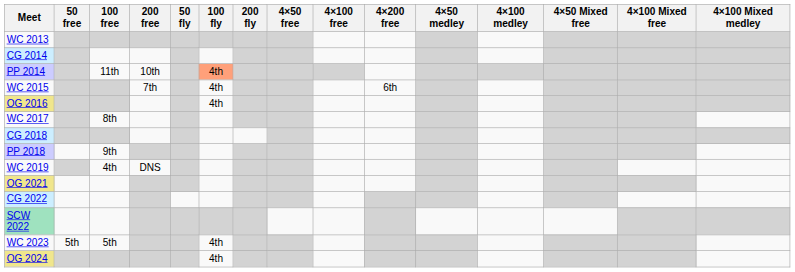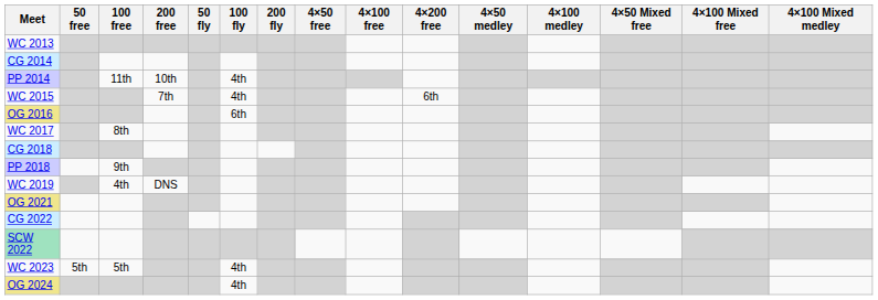 <table class="sortable wikitable">
 <tr>
 <th>Meet</th>
 <th class="unsortable">50 free</th>
 <th class="unsortable">100 free</th>
 <th class="unsortable">200 free</th>
 <th class="unsortable">50 fly</th>
 <th class="unsortable">100 fly</th>
 <th class="unsortable">200 fly</th>
 <th class="unsortable">4×50 free</th>
 <th class="unsortable">4×100 free</th>
 <th class="unsortable">4×200 free</th>
 <th class="unsortable">4×50 medley</th>
 <th class="unsortable">4×100 medley</th>
 <th class="unsortable">4×50 Mixed free</th>
 <th class="unsortable">4×100 Mixed free</th>
 <th class="unsortable">4×100 Mixed medley</th>
 </tr>
 <tr>
 <td><a href='#'>WC 2013</a></td>
 <td style="background:#d3d3d3"></td>
 <td style="background:#d3d3d3"></td>
 <td style="background:#d3d3d3"></td>
 <td style="background:#d3d3d3"></td>
 <td style="background:#d3d3d3"></td>
 <td style="background:#d3d3d3"></td>
 <td style="background:#d3d3d3"></td>
 <td align="center"></td>
 <td align="center"></td>
 <td style="background:#d3d3d3"></td>
 <td align="center"></td>
 <td style="background:#d3d3d3"></td>
 <td style="background:#d3d3d3"></td>
 <td style="background:#d3d3d3"></td>
 </tr>
 <tr>
 <td style="background:#cceeff"><a href='#'>CG 2014</a></td>
 <td style="background:#d3d3d3"></td>
 <td align="center"></td>
 <td align="center"></td>
 <td style="background:#d3d3d3"></td>
 <td align="center"></td>
 <td style="background:#d3d3d3"></td>
 <td style="background:#d3d3d3"></td>
 <td align="center"></td>
 <td align="center"></td>
 <td style="background:#d3d3d3"></td>
 <td align="center"></td>
 <td style="background:#d3d3d3"></td>
 <td style="background:#d3d3d3"></td>
 <td style="background:#d3d3d3"></td>
 </tr>
 <tr>
 <td style="background:#ccccff"><a href='#'>PP 2014</a></td>
 <td style="background:#d3d3d3"></td>
 <td align="center">11th</td>
 <td align="center">10th</td>
 <td style="background:#d3d3d3"></td>
-<td align="center" style="background: lightsalmon;">4th</td>
+<td align="center">4th</td>
 <td style="background:#d3d3d3"></td>
 <td style="background:#d3d3d3"></td>
 <td style="background:#d3d3d3"></td>
 <td align="center"></td>
 <td style="background:#d3d3d3"></td>
 <td style="background:#d3d3d3"></td>
 <td style="background:#d3d3d3"></td>
 <td style="background:#d3d3d3"></td>
 <td style="background:#d3d3d3"></td>
 </tr>
 <tr>
 <td><a href='#'>WC 2015</a></td>
 <td style="background:#d3d3d3"></td>
 <td style="background:#d3d3d3"></td>
 <td align="center">7th</td>
 <td style="background:#d3d3d3"></td>
 <td align="center">4th</td>
 <td style="background:#d3d3d3"></td>
 <td style="background:#d3d3d3"></td>
 <td align="center"></td>
 <td align="center">6th</td>
 <td style="background:#d3d3d3"></td>
 <td align="center"></td>
 <td style="background:#d3d3d3"></td>
 <td style="background:#d3d3d3"></td>
 <td style="background:#d3d3d3"></td>
 </tr>
 <tr>
 <td style="background:#f0e68c"><a href='#'>OG 2016</a></td>
 <td style="background:#d3d3d3"></td>
 <td style="background:#d3d3d3"></td>
 <td align="center"></td>
 <td style="background:#d3d3d3"></td>
-<td align="center">4th</td>
+<td align="center">6th</td>
 <td style="background:#d3d3d3"></td>
 <td style="background:#d3d3d3"></td>
 <td align="center"></td>
 <td align="center"></td>
 <td style="background:#d3d3d3"></td>
 <td align="center"></td>
 <td style="background:#d3d3d3"></td>
 <td style="background:#d3d3d3"></td>
 <td style="background:#d3d3d3"></td>
 </tr>
 <tr>
 <td><a href='#'>WC 2017</a></td>
 <td style="background:#d3d3d3"></td>
 <td align="center">8th</td>
 <td align="center"></td>
 <td style="background:#d3d3d3"></td>
 <td align="center"></td>
 <td style="background:#d3d3d3"></td>
 <td style="background:#d3d3d3"></td>
 <td align="center"></td>
 <td align="center"></td>
 <td style="background:#d3d3d3"></td>
 <td align="center"></td>
 <td style="background:#d3d3d3"></td>
 <td style="background:#d3d3d3"></td>
 <td align="center"></td>
 </tr>
 <tr>
 <td style="background:#cceeff"><a href='#'>CG 2018</a></td>
 <td style="background:#d3d3d3"></td>
 <td style="background:#d3d3d3"></td>
 <td align="center"></td>
 <td style="background:#d3d3d3"></td>
 <td align="center"></td>
 <td align="center"></td>
 <td style="background:#d3d3d3"></td>
 <td align="center"></td>
 <td align="center"></td>
 <td style="background:#d3d3d3"></td>
 <td align="center"></td>
 <td style="background:#d3d3d3"></td>
 <td style="background:#d3d3d3"></td>
 <td style="background:#d3d3d3"></td>
 </tr>
 <tr>
 <td style="background:#ccccff"><a href='#'>PP 2018</a></td>
 <td align="center"></td>
 <td align="center">9th</td>
 <td style="background:#d3d3d3"></td>
 <td style="background:#d3d3d3"></td>
 <td align="center"></td>
 <td style="background:#d3d3d3"></td>
 <td style="background:#d3d3d3"></td>
 <td align="center"></td>
 <td align="center"></td>
 <td style="background:#d3d3d3"></td>
 <td align="center"></td>
 <td style="background:#d3d3d3"></td>
 <td style="background:#d3d3d3"></td>
 <td align="center"></td>
 </tr>
 <tr>
 <td><a href='#'>WC 2019</a></td>
 <td style="background:#d3d3d3"></td>
 <td align="center">4th</td>
 <td align="center">DNS</td>
 <td style="background:#d3d3d3"></td>
 <td align="center"></td>
 <td style="background:#d3d3d3"></td>
 <td style="background:#d3d3d3"></td>
 <td align="center"></td>
 <td align="center"></td>
 <td style="background:#d3d3d3"></td>
 <td align="center"></td>
 <td style="background:#d3d3d3"></td>
 <td align="center"></td>
 <td align="center"></td>
 </tr>
 <tr>
 <td style="background:#f0e68c"><a href='#'>OG 2021</a></td>
 <td align="center"></td>
 <td align="center"></td>
 <td style="background:#d3d3d3"></td>
 <td style="background:#d3d3d3"></td>
 <td align="center"></td>
 <td style="background:#d3d3d3"></td>
 <td style="background:#d3d3d3"></td>
 <td align="center"></td>
 <td align="center"></td>
 <td style="background:#d3d3d3"></td>
 <td align="center"></td>
 <td style="background:#d3d3d3"></td>
 <td style="background:#d3d3d3"></td>
 <td align="center"></td>
 </tr>
 <tr>
 <td style="background:#cceeff"><a href='#'>CG 2022</a></td>
 <td align="center"></td>
 <td align="center"></td>
 <td style="background:#d3d3d3"></td>
 <td align="center"></td>
 <td align="center"></td>
 <td style="background:#d3d3d3"></td>
 <td style="background:#d3d3d3"></td>
 <td align="center"></td>
 <td style="background:#d3d3d3"></td>
 <td style="background:#d3d3d3"></td>
 <td align="center"></td>
 <td style="background:#d3d3d3"></td>
 <td align="center"></td>
 <td align="center"></td>
 </tr>
 <tr>
 <td style="background:#9fe2bf"><a href='#'>SCW 2022</a></td>
 <td align="center"></td>
 <td align="center"></td>
 <td style="background:#d3d3d3"></td>
 <td style="background:#d3d3d3"></td>
 <td style="background:#d3d3d3"></td>
 <td style="background:#d3d3d3"></td>
 <td align="center"></td>
 <td align="center"></td>
 <td style="background:#d3d3d3"></td>
 <td align="center"></td>
 <td align="center"></td>
 <td align="center"></td>
 <td style="background:#d3d3d3"></td>
 <td style="background:#d3d3d3"></td>
 </tr>
 <tr>
 <td><a href='#'>WC 2023</a></td>
 <td align="center">5th</td>
 <td align="center">5th</td>
 <td style="background:#d3d3d3"></td>
 <td style="background:#d3d3d3"></td>
 <td align="center">4th</td>
 <td style="background:#d3d3d3"></td>
 <td style="background:#d3d3d3"></td>
 <td align="center"></td>
 <td style="background:#d3d3d3"></td>
 <td style="background:#d3d3d3"></td>
 <td align="center"></td>
 <td style="background:#d3d3d3"></td>
 <td style="background:#d3d3d3"></td>
 <td align="center"></td>
 </tr>
 <tr>
 <td style="background:#f0e68c"><a href='#'>OG 2024</a></td>
 <td style="background:#d3d3d3"></td>
 <td style="background:#d3d3d3"></td>
 <td style="background:#d3d3d3"></td>
 <td style="background:#d3d3d3"></td>
 <td align="center">4th</td>
 <td style="background:#d3d3d3"></td>
 <td style="background:#d3d3d3"></td>
 <td align="center"></td>
 <td style="background:#d3d3d3"></td>
 <td style="background:#d3d3d3"></td>
 <td align="center"></td>
 <td style="background:#d3d3d3"></td>
 <td style="background:#d3d3d3"></td>
 <td align="center"></td>
 </tr>
 </table>
